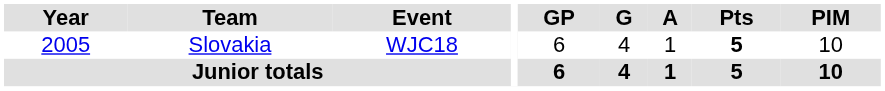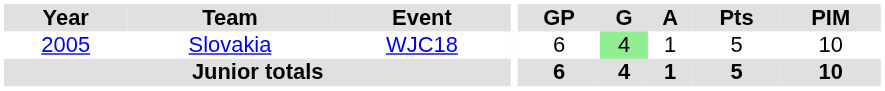 <table border="0" cellpadding="1" cellspacing="0" ID="Table3" style="text-align:center; width:40em">
 <tr ALIGN="center" bgcolor="#e0e0e0">
 <th>Year</th>
 <th>Team</th>
 <th>Event</th>
 <th rowspan="99" bgcolor="#ffffff"></th>
 <th>GP</th>
 <th>G</th>
 <th>A</th>
 <th>Pts</th>
 <th>PIM</th>
 </tr>
 <tr>
 <td><a href='#'>2005</a></td>
 <td><a href='#'>Slovakia</a></td>
 <td><a href='#'>WJC18</a></td>
 <td>6</td>
-<td>4</td>
+<td style="background: lightgreen;">4</td>
 <td>1</td>
-<td><strong>5</strong></td>
+<td>5</td>
 <td>10</td>
 </tr>
 <tr bgcolor="#e0e0e0">
 <th colspan="3">Junior totals</th>
 <th>6</th>
 <th>4</th>
 <th>1</th>
 <th>5</th>
 <th>10</th>
 </tr>
 </table>
